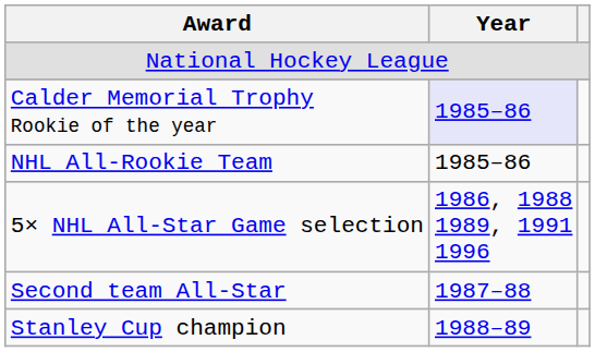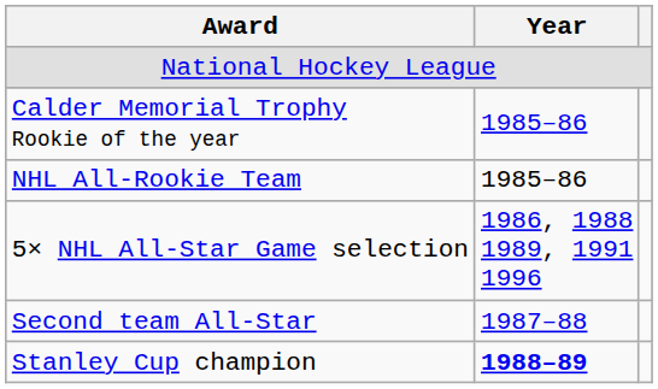 <table class="wikitable">
 <tr>
 <th>Award</th>
 <th>Year</th>
 <th></th>
 </tr>
 <tr style="text-align:center; background:#e0e0e0;">
 <td colspan="3"><a href='#'>National Hockey League</a></td>
 </tr>
 <tr>
 <td><a href='#'>Calder Memorial Trophy</a><br><small>Rookie of the year</small></td>
-<td style="background: lavender;"><a href='#'>1985–86</a></td>
+<td><a href='#'>1985–86</a></td>
 <td></td>
 </tr>
 <tr>
 <td><a href='#'>NHL All-Rookie Team</a></td>
 <td>1985–86</td>
 <td></td>
 </tr>
 <tr>
 <td>5× <a href='#'>NHL All-Star Game</a> selection</td>
 <td><a href='#'>1986</a>, <a href='#'>1988</a><br><a href='#'>1989</a>, <a href='#'>1991</a><br><a href='#'>1996</a></td>
 <td></td>
 </tr>
 <tr>
 <td><a href='#'>Second team All-Star</a></td>
 <td><a href='#'>1987–88</a></td>
 <td></td>
 </tr>
 <tr>
 <td><a href='#'>Stanley Cup</a> champion</td>
-<td><a href='#'>1988–89</a></td>
+<td><strong><a href='#'>1988–89</a></strong></td>
 <td></td>
 </tr>
 </table>
